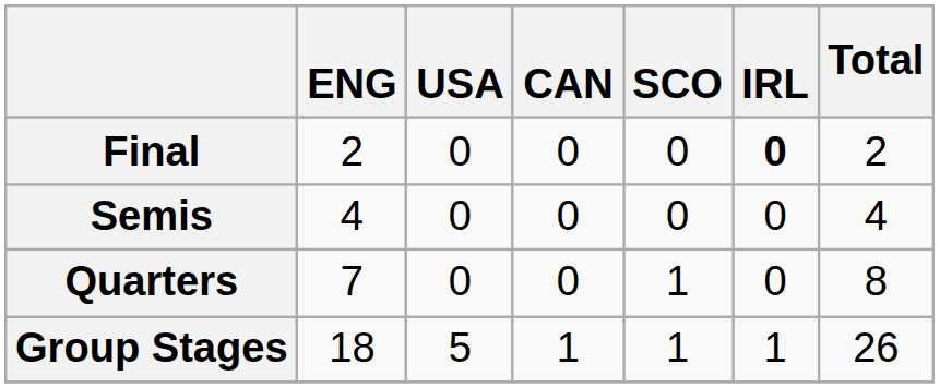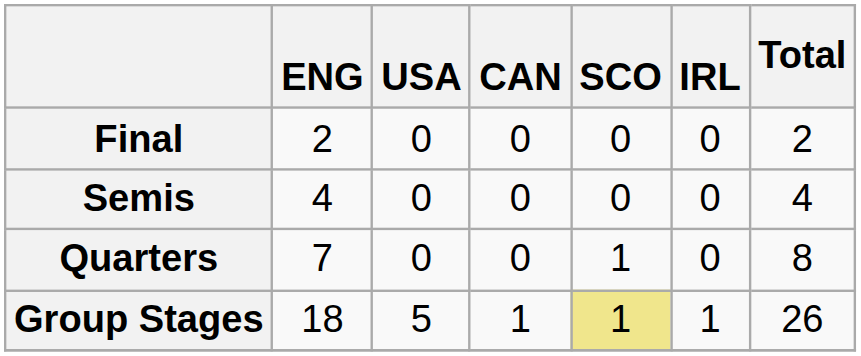 <table class="wikitable">
 <tr>
 <th></th>
 <th> <br>ENG</th>
 <th> <br>USA</th>
 <th> <br>CAN</th>
 <th> <br>SCO</th>
 <th> <br>IRL</th>
 <th>Total</th>
 </tr>
 <tr align="center">
 <th>Final</th>
 <td>2</td>
 <td>0</td>
 <td>0</td>
 <td>0</td>
-<td><strong>0</strong></td>
+<td>0</td>
 <td>2</td>
 </tr>
 <tr align="center">
 <th>Semis</th>
 <td>4</td>
 <td>0</td>
 <td>0</td>
 <td>0</td>
 <td>0</td>
 <td>4</td>
 </tr>
 <tr align="center">
 <th>Quarters</th>
 <td>7</td>
 <td>0</td>
 <td>0</td>
 <td>1</td>
 <td>0</td>
 <td>8</td>
 </tr>
 <tr align="center">
 <th>Group Stages</th>
 <td>18</td>
 <td>5</td>
 <td>1</td>
-<td>1</td>
+<td style="background: khaki;">1</td>
 <td>1</td>
 <td>26</td>
 </tr>
 <tr align="center">
 </tr>
 </table>
